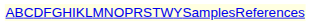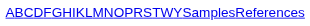 <table id="toc" class="toc" summary="Class" align="center">
 <tr>
 <th></th>
 </tr>
 <tr>
-<td style="background: lightyellow; text-align:center;"><a href='#'>A</a><a href='#'>B</a><a href='#'>C</a><a href='#'>D</a><a href='#'>F</a><a href='#'>G</a><a href='#'>H</a><a href='#'>I</a><a href='#'>K</a><a href='#'>L</a><a href='#'>M</a><a href='#'>N</a><a href='#'>O</a><a href='#'>P</a><a href='#'>R</a><a href='#'>S</a><a href='#'>T</a><a href='#'>W</a><a href='#'>Y</a><a href='#'>Samples</a><a href='#'>References</a></td>
+<td style="text-align:center;"><a href='#'>A</a><a href='#'>B</a><a href='#'>C</a><a href='#'>D</a><a href='#'>F</a><a href='#'>G</a><a href='#'>H</a><a href='#'>I</a><a href='#'>K</a><a href='#'>L</a><a href='#'>M</a><a href='#'>N</a><a href='#'>O</a><a href='#'>P</a><a href='#'>R</a><a href='#'>S</a><a href='#'>T</a><a href='#'>W</a><a href='#'>Y</a><a href='#'>Samples</a><a href='#'>References</a></td>
 </tr>
 </table>
